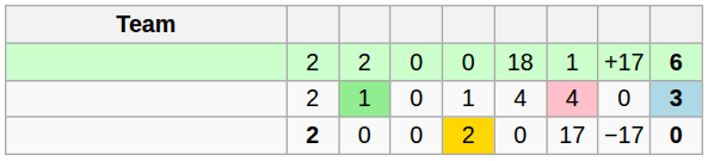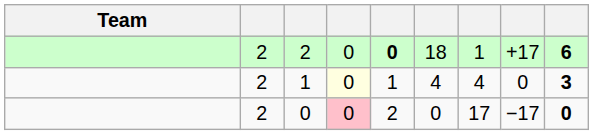 <table class="wikitable" style="text-align: center; font-size: 90%;">
 <tr>
 <th width=165>Team</th>
 <th width=25></th>
 <th width=25></th>
 <th width=25></th>
 <th width=25></th>
 <th width=25></th>
 <th width=25></th>
 <th width=25></th>
 <th width=25></th>
 </tr>
 <tr style="background:#ccffcc">
 <td style="text-align:left;"></td>
 <td>2</td>
 <td>2</td>
 <td>0</td>
-<td>0</td>
+<td><strong>0</strong></td>
 <td>18</td>
 <td>1</td>
 <td>+17</td>
 <td><strong>6</strong></td>
 </tr>
 <tr>
 <td style="text-align:left;"></td>
 <td>2</td>
-<td style="background: lightgreen;">1</td>
-<td>0</td>
+<td>1</td>
+<td style="background: lightyellow;">0</td>
 <td>1</td>
 <td>4</td>
-<td style="background: pink;">4</td>
+<td>4</td>
 <td>0</td>
-<td style="background: lightblue;"><strong>3</strong></td>
+<td><strong>3</strong></td>
 </tr>
 <tr>
 <td style="text-align:left;"></td>
-<td><strong>2</strong></td>
+<td>2</td>
 <td>0</td>
-<td>0</td>
-<td style="background: gold;">2</td>
+<td style="background: pink;">0</td>
+<td>2</td>
 <td>0</td>
 <td>17</td>
 <td>−17</td>
 <td><strong>0</strong></td>
 </tr>
 </table>
